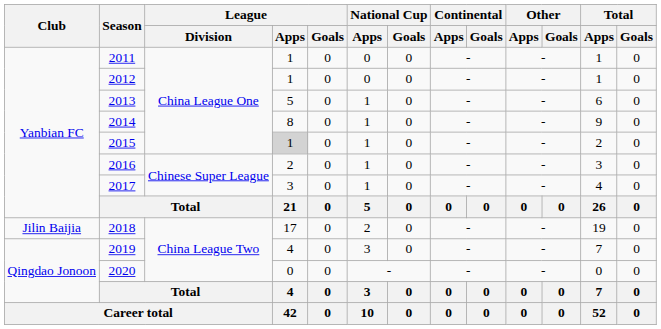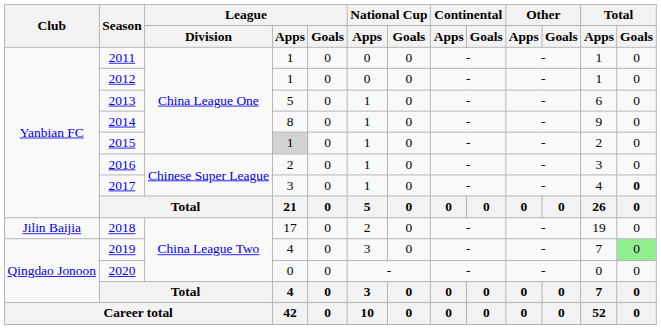 <table class="wikitable" style="text-align: center">
 <tr>
 <th rowspan="2">Club</th>
 <th rowspan="2">Season</th>
 <th colspan="3">League</th>
 <th colspan="2">National Cup</th>
 <th colspan="2">Continental</th>
 <th colspan="2">Other</th>
 <th colspan="2">Total</th>
 </tr>
 <tr>
 <th>Division</th>
 <th>Apps</th>
 <th>Goals</th>
 <th>Apps</th>
 <th>Goals</th>
 <th>Apps</th>
 <th>Goals</th>
 <th>Apps</th>
 <th>Goals</th>
 <th>Apps</th>
 <th>Goals</th>
 </tr>
 <tr>
 <td rowspan=8><a href='#'>Yanbian FC</a></td>
 <td><a href='#'>2011</a></td>
 <td rowspan="5"><a href='#'>China League One</a></td>
 <td>1</td>
 <td>0</td>
 <td>0</td>
 <td>0</td>
 <td colspan="2">-</td>
 <td colspan="2">-</td>
 <td>1</td>
 <td>0</td>
 </tr>
 <tr>
 <td><a href='#'>2012</a></td>
 <td>1</td>
 <td>0</td>
 <td>0</td>
 <td>0</td>
 <td colspan="2">-</td>
 <td colspan="2">-</td>
 <td>1</td>
 <td>0</td>
 </tr>
 <tr>
 <td><a href='#'>2013</a></td>
 <td>5</td>
 <td>0</td>
 <td>1</td>
 <td>0</td>
 <td colspan="2">-</td>
 <td colspan="2">-</td>
 <td>6</td>
 <td>0</td>
 </tr>
 <tr>
 <td><a href='#'>2014</a></td>
 <td>8</td>
 <td>0</td>
 <td>1</td>
 <td>0</td>
 <td colspan="2">-</td>
 <td colspan="2">-</td>
 <td>9</td>
 <td>0</td>
 </tr>
 <tr>
 <td><a href='#'>2015</a></td>
 <td style="background: lightgrey;">1</td>
 <td>0</td>
 <td>1</td>
 <td>0</td>
 <td colspan="2">-</td>
 <td colspan="2">-</td>
 <td>2</td>
 <td>0</td>
 </tr>
 <tr>
 <td><a href='#'>2016</a></td>
 <td rowspan="2"><a href='#'>Chinese Super League</a></td>
 <td>2</td>
 <td>0</td>
 <td>1</td>
 <td>0</td>
 <td colspan="2">-</td>
 <td colspan="2">-</td>
 <td>3</td>
 <td>0</td>
 </tr>
 <tr>
 <td><a href='#'>2017</a></td>
 <td>3</td>
 <td>0</td>
 <td>1</td>
 <td>0</td>
 <td colspan="2">-</td>
 <td colspan="2">-</td>
 <td>4</td>
-<td>0</td>
+<td><strong>0</strong></td>
 </tr>
 <tr>
 <th colspan="2">Total</th>
 <th>21</th>
 <th>0</th>
 <th>5</th>
 <th>0</th>
 <th>0</th>
 <th>0</th>
 <th>0</th>
 <th>0</th>
 <th>26</th>
 <th>0</th>
 </tr>
 <tr>
 <td rowspan="1"><a href='#'>Jilin Baijia</a></td>
 <td><a href='#'>2018</a></td>
 <td rowspan=3><a href='#'>China League Two</a></td>
 <td>17</td>
 <td>0</td>
 <td>2</td>
 <td>0</td>
 <td colspan="2">-</td>
 <td colspan="2">-</td>
 <td>19</td>
 <td>0</td>
 </tr>
 <tr>
 <td rowspan=3><a href='#'>Qingdao Jonoon</a></td>
 <td><a href='#'>2019</a></td>
 <td>4</td>
 <td>0</td>
 <td>3</td>
 <td>0</td>
 <td colspan="2">-</td>
 <td colspan="2">-</td>
 <td>7</td>
-<td>0</td>
+<td style="background: lightgreen;">0</td>
 </tr>
 <tr>
 <td><a href='#'>2020</a></td>
 <td>0</td>
 <td>0</td>
 <td colspan="2">-</td>
 <td colspan="2">-</td>
 <td colspan="2">-</td>
 <td>0</td>
 <td>0</td>
 </tr>
 <tr>
 <th colspan="2">Total</th>
 <th>4</th>
 <th>0</th>
 <th>3</th>
 <th>0</th>
 <th>0</th>
 <th>0</th>
 <th>0</th>
 <th>0</th>
 <th>7</th>
 <th>0</th>
 </tr>
 <tr>
 <th colspan=3>Career total</th>
 <th>42</th>
 <th>0</th>
 <th>10</th>
 <th>0</th>
 <th>0</th>
 <th>0</th>
 <th>0</th>
 <th>0</th>
 <th>52</th>
 <th>0</th>
 </tr>
 </table>
